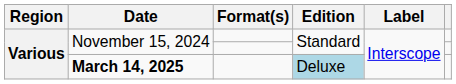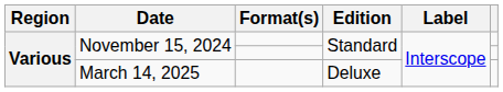 <table class="wikitable plainrowheaders">
 <tr>
 <th scope="col">Region</th>
 <th scope="col">Date</th>
 <th scope="col">Format(s)</th>
 <th scope="col">Edition</th>
 <th scope="col">Label</th>
 <th scope="col"></th>
 </tr>
 <tr>
 <th scope="row" rowspan="3">Various</th>
 <td rowspan="2">November 15, 2024</td>
 <td></td>
 <td rowspan="2">Standard</td>
 <td rowspan="3"><a href='#'>Interscope</a></td>
 <td style="text-align:center;"></td>
 </tr>
 <tr>
 <td></td>
 <td style="text-align:center;"></td>
 </tr>
 <tr>
-<td><strong>March 14, 2025</strong></td>
+<td>March 14, 2025</td>
 <td></td>
-<td style="background: lightblue;">Deluxe</td>
+<td>Deluxe</td>
 <td style="text-align:center;"></td>
 </tr>
 </table>
